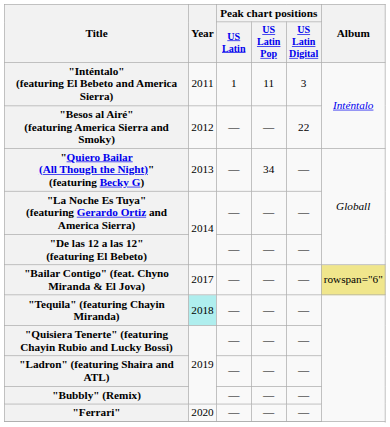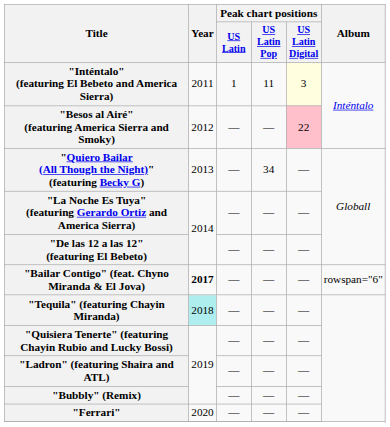 <table class="wikitable plainrowheaders" style="text-align:center;">
 <tr>
 <th scope="col" rowspan="2"  style="width:16em;">Title</th>
 <th scope="col" rowspan="2">Year</th>
 <th scope="col" colspan="3">Peak chart positions</th>
 <th scope="col" rowspan="2">Album</th>
 </tr>
 <tr>
 <th scope="col" style="width:3em;font-size:90%;"><a href='#'>US<br>Latin</a></th>
 <th scope="col" style="width:3em;font-size:90%;"><a href='#'>US<br>Latin Pop</a></th>
 <th scope="col" style="width:3em;font-size:90%;"><a href='#'>US<br>Latin Digital</a></th>
 </tr>
 <tr>
 <th scope="row">"Inténtalo"<br><span>(featuring El Bebeto and America Sierra)</span></th>
 <td>2011</td>
 <td>1</td>
 <td>11</td>
-<td>3</td>
+<td style="background: lightyellow;">3</td>
 <td rowspan="2"><em><a href='#'>Inténtalo</a></em></td>
 </tr>
 <tr>
 <th scope="row">"Besos al Airé"<br><span>(featuring America Sierra and Smoky)</span></th>
 <td>2012</td>
 <td>—</td>
 <td>—</td>
-<td>22</td>
+<td style="background: pink;">22</td>
 </tr>
 <tr>
 <th scope="row">"<a href='#'>Quiero Bailar<br>(All Though the Night)</a>"<br><span>(featuring <a href='#'>Becky G</a>)</span></th>
 <td>2013</td>
 <td>—</td>
 <td>34</td>
 <td>—</td>
 <td rowspan="3"><em>Globall</em></td>
 </tr>
 <tr>
 <th scope="row">"La Noche Es Tuya"<br><span>(featuring <a href='#'>Gerardo Ortiz</a> and America Sierra)</span></th>
 <td rowspan="2">2014</td>
 <td>—</td>
 <td>—</td>
 <td>—</td>
 </tr>
 <tr>
 <th scope="row">"De las 12 a las 12"<br><span>(featuring El Bebeto)</span></th>
 <td>—</td>
 <td>—</td>
 <td>—</td>
 </tr>
 <tr>
 <th scope="row">"Bailar Contigo" (feat. Chyno Miranda & El Jova)</th>
-<td>2017</td>
+<td><strong>2017</strong></td>
 <td>—</td>
 <td>—</td>
 <td>—</td>
-<td style="background: khaki;">rowspan="6" </td>
+<td>rowspan="6" </td>
 </tr>
 <tr>
 <th scope="row">"Tequila" (featuring Chayin Miranda)</th>
 <td style="background: paleturquoise;">2018</td>
 <td>—</td>
 <td>—</td>
 <td>—</td>
 </tr>
 <tr>
 <th scope="row">"Quisiera Tenerte" (featuring Chayin Rubio and Lucky Bossi)</th>
 <td rowspan="3">2019</td>
 <td>—</td>
 <td>—</td>
 <td>—</td>
 </tr>
 <tr>
 <th scope="row">"Ladron" (featuring Shaira and ATL)</th>
 <td>—</td>
 <td>—</td>
 <td>—</td>
 </tr>
 <tr>
 <th scope="row">"Bubbly" (Remix)</th>
 <td>—</td>
 <td>—</td>
 <td>—</td>
 </tr>
 <tr>
 <th scope="row">"Ferrari"</th>
 <td>2020</td>
 <td>—</td>
 <td>—</td>
 <td>—</td>
 </tr>
 <tr>
 </tr>
 </table>
